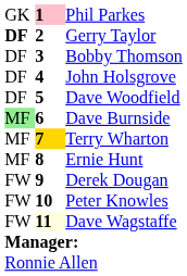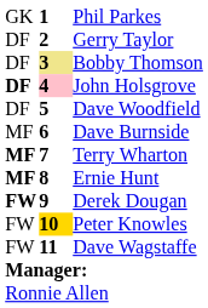 <table style="font-size:90%; margin:0.2em auto;" cellspacing="0" cellpadding="0">
 <tr>
 <th width="25"></th>
 <th width="25"></th>
 </tr>
 <tr>
 <td>GK</td>
-<td style="background: pink;"><strong> 1</strong></td>
+<td><strong> 1</strong></td>
 <td> <a href='#'>Phil Parkes</a></td>
 </tr>
 <tr>
-<td><strong>DF</strong></td>
+<td>DF</td>
 <td><strong>2 </strong></td>
 <td> <a href='#'>Gerry Taylor</a></td>
 </tr>
 <tr>
 <td>DF</td>
-<td><strong>3</strong></td>
+<td style="background: khaki;"><strong>3</strong></td>
 <td> <a href='#'>Bobby Thomson</a></td>
 </tr>
 <tr>
-<td>DF</td>
-<td><strong>4</strong></td>
+<td><strong>DF</strong></td>
+<td style="background: pink;"><strong>4</strong></td>
 <td> <a href='#'>John Holsgrove</a></td>
 </tr>
 <tr>
 <td>DF</td>
 <td><strong>5</strong></td>
 <td> <a href='#'>Dave Woodfield</a></td>
 </tr>
 <tr>
-<td style="background: lightgreen;">MF</td>
+<td>MF</td>
 <td><strong>6</strong></td>
 <td> <a href='#'>Dave Burnside</a></td>
 </tr>
 <tr>
-<td>MF</td>
-<td style="background: gold;"><strong>7</strong></td>
+<td><strong>MF</strong></td>
+<td><strong>7</strong></td>
 <td> <a href='#'>Terry Wharton</a></td>
 </tr>
 <tr>
-<td>MF</td>
+<td><strong>MF</strong></td>
 <td><strong>8</strong></td>
 <td> <a href='#'>Ernie Hunt</a></td>
 </tr>
 <tr>
-<td>FW</td>
+<td><strong>FW</strong></td>
 <td><strong>9</strong></td>
 <td> <a href='#'>Derek Dougan</a></td>
 </tr>
 <tr>
 <td>FW</td>
-<td><strong>10</strong></td>
+<td style="background: gold;"><strong>10</strong></td>
 <td> <a href='#'>Peter Knowles</a></td>
 </tr>
 <tr>
 <td>FW</td>
-<td style="background: lightyellow;"><strong>11</strong></td>
+<td><strong>11</strong></td>
 <td> <a href='#'>Dave Wagstaffe</a></td>
 </tr>
 <tr>
 <td colspan=3><strong>Manager:</strong></td>
 </tr>
 <tr>
 <td colspan=4> <a href='#'>Ronnie Allen</a></td>
 </tr>
 </table>
